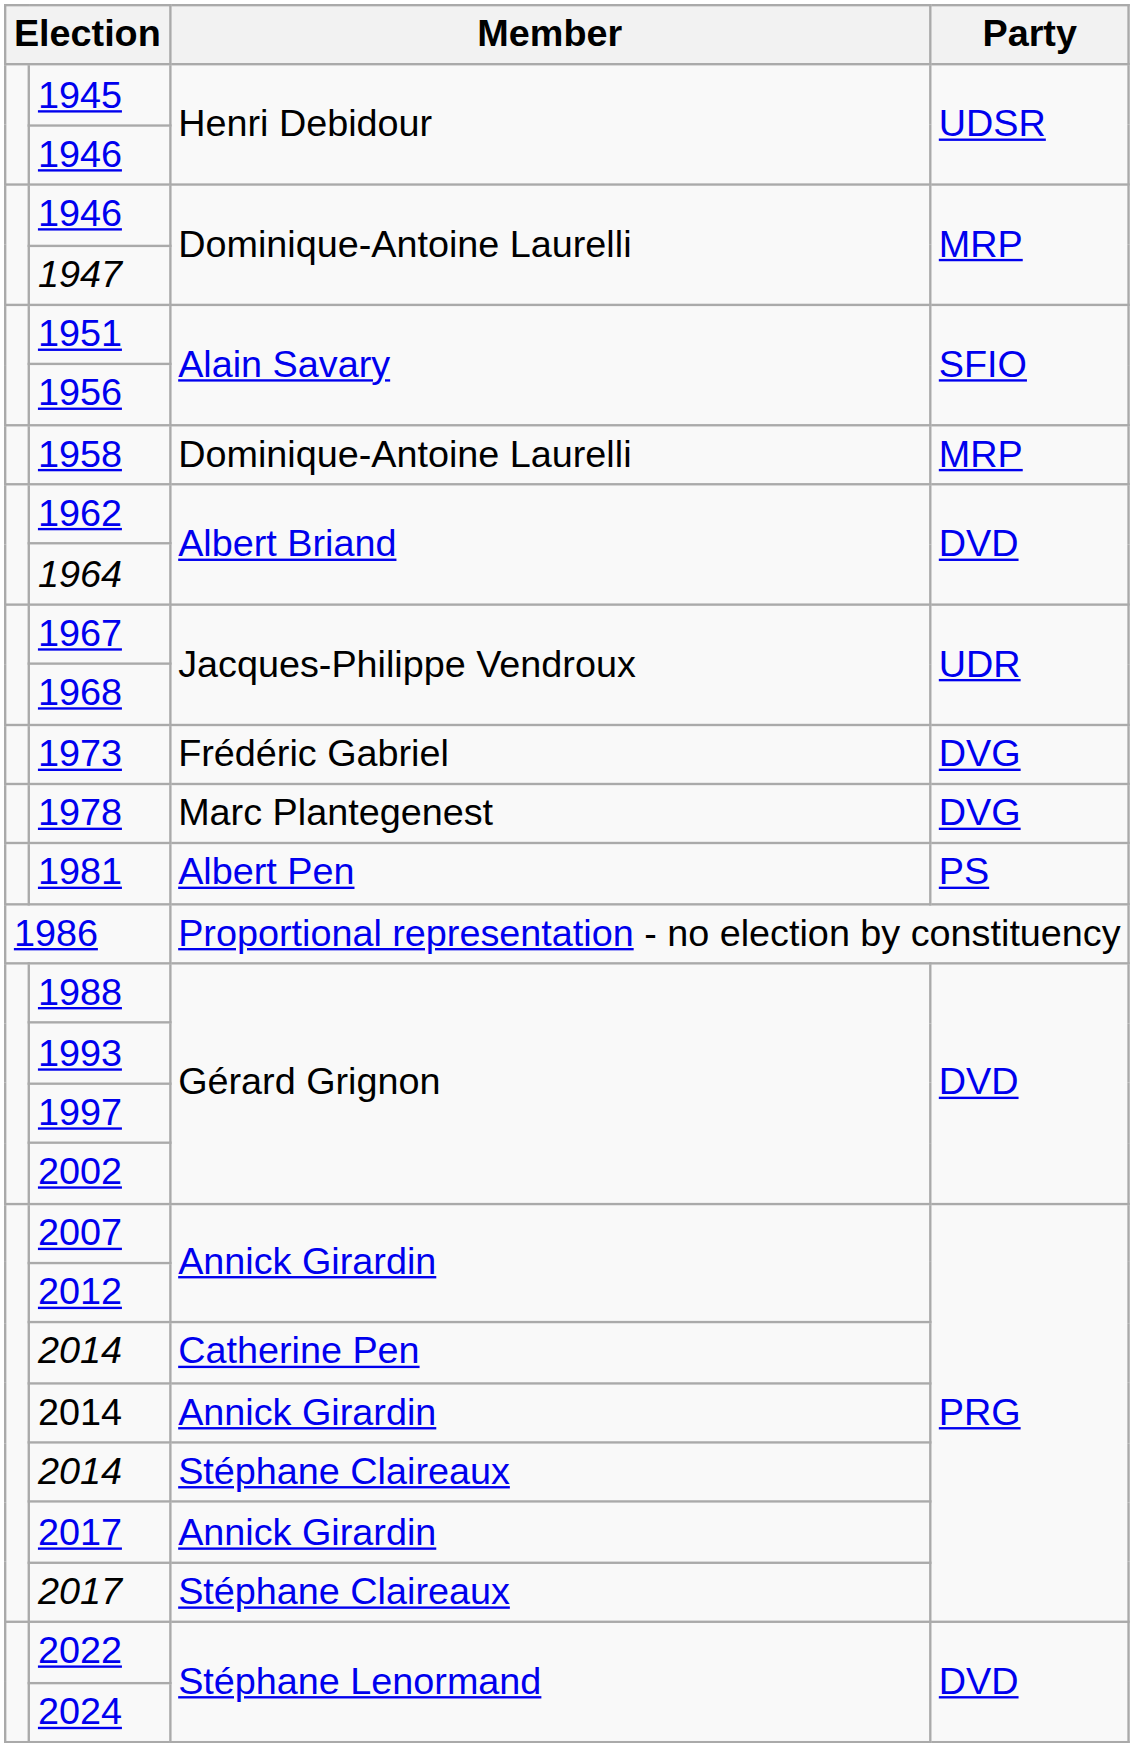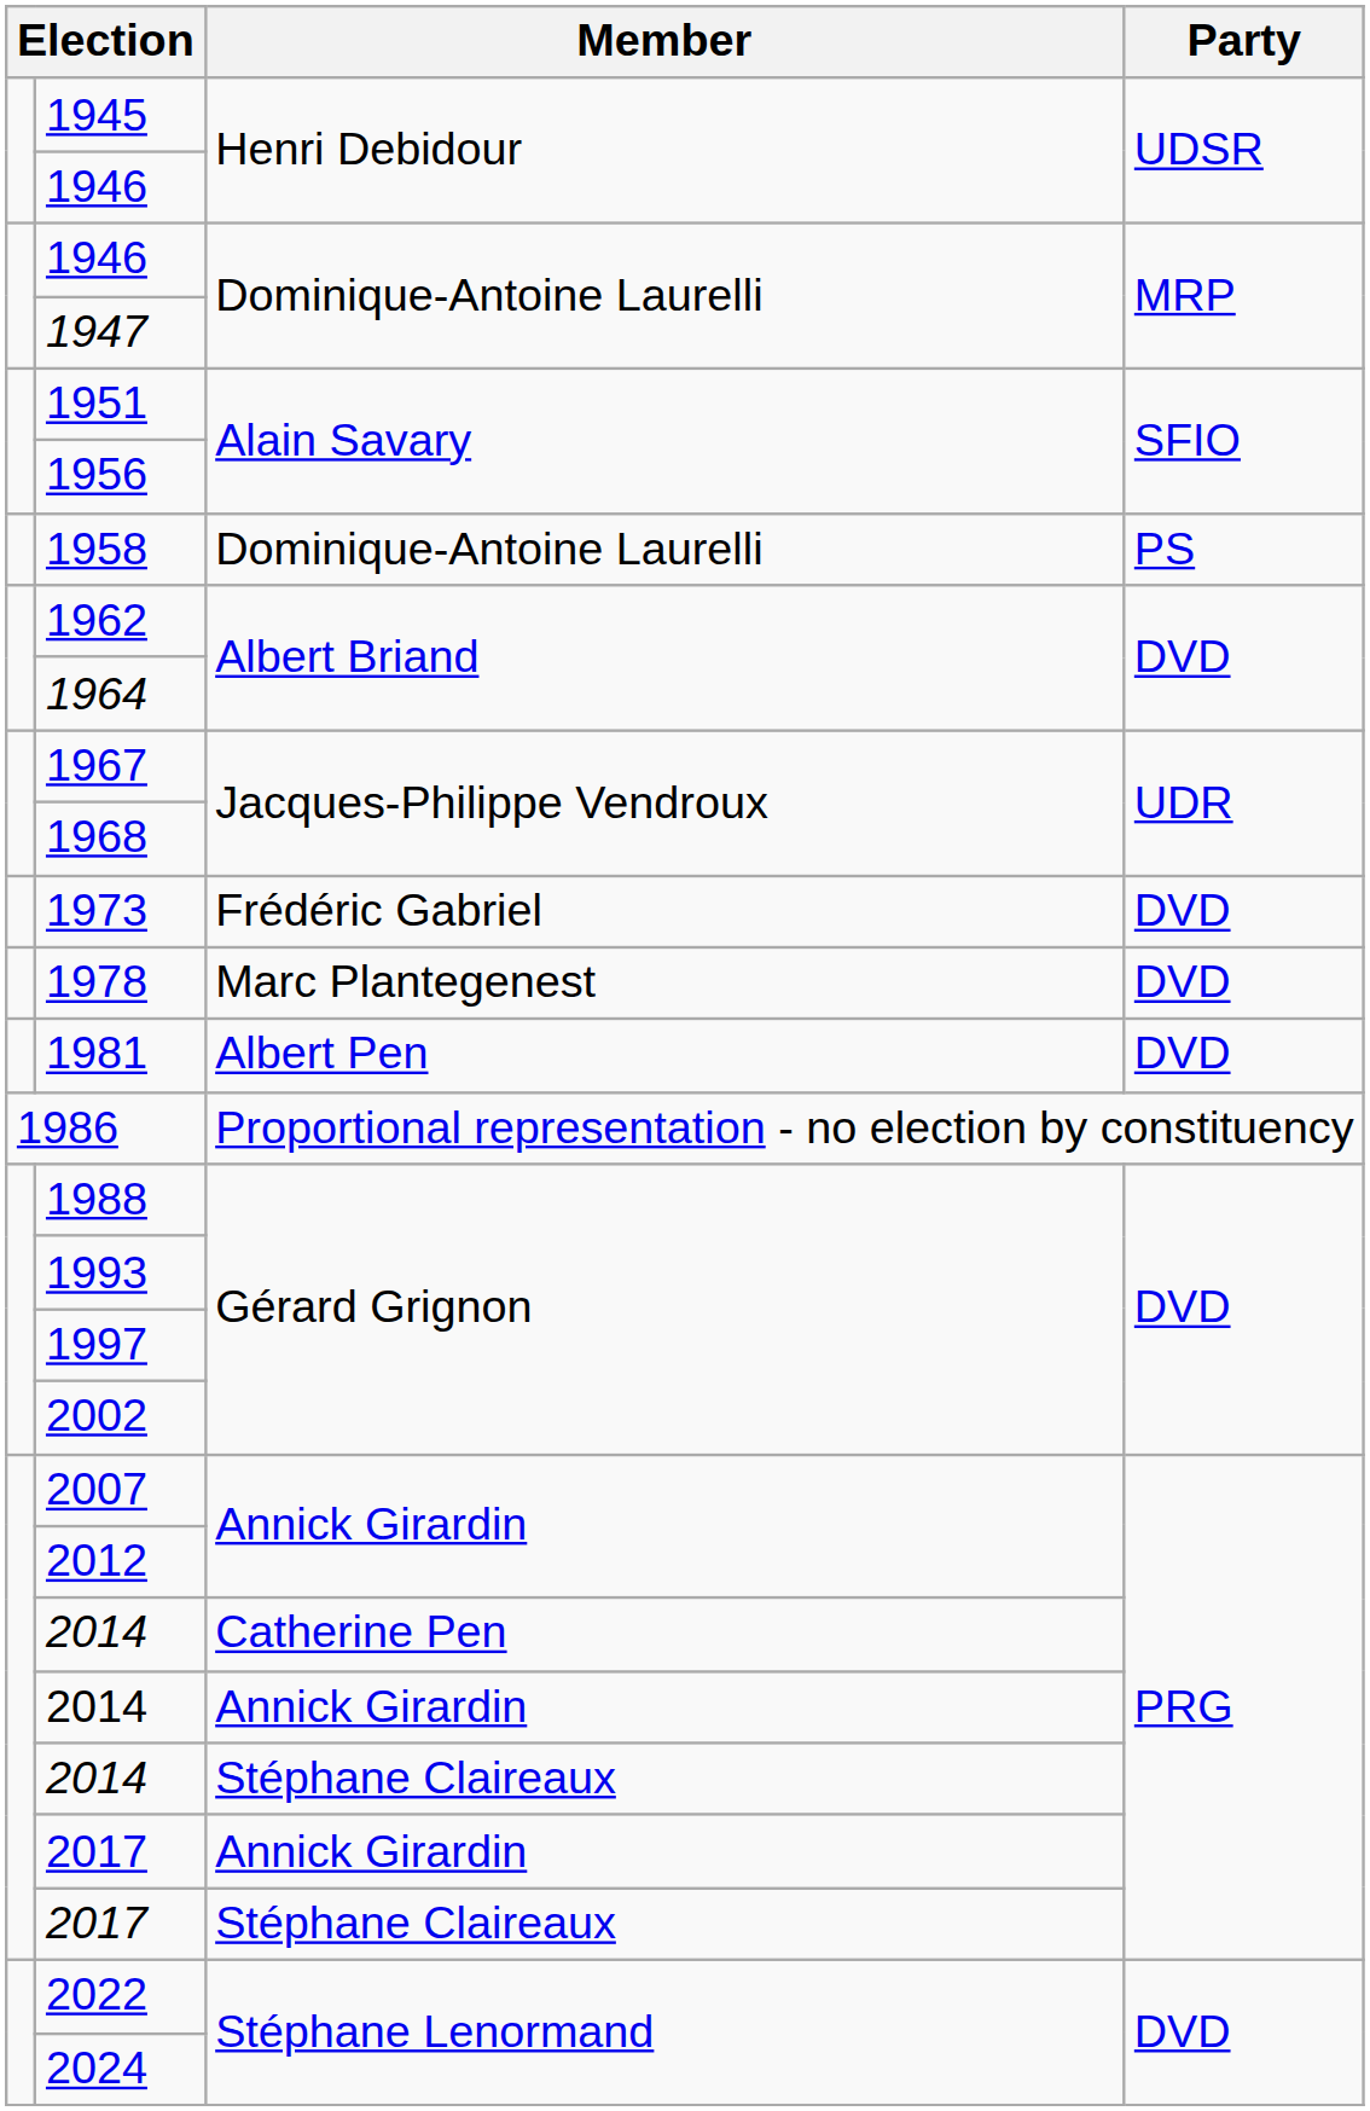 <table class="wikitable">
 <tr>
 <th colspan="2">Election</th>
 <th>Member</th>
 <th>Party</th>
 </tr>
 <tr>
 <td rowspan="2" style="background-color: "></td>
 <td><a href='#'>1945</a></td>
 <td rowspan="2">Henri Debidour</td>
 <td rowspan="2"><a href='#'>UDSR</a></td>
 </tr>
 <tr>
 <td><a href='#'>1946</a></td>
 </tr>
 <tr>
 <td rowspan="2" style="background-color: "></td>
 <td><a href='#'>1946</a></td>
 <td rowspan="2">Dominique-Antoine Laurelli</td>
 <td rowspan="2"><a href='#'>MRP</a></td>
 </tr>
 <tr>
 <td><em>1947</em></td>
 </tr>
 <tr>
 <td rowspan="2" style="background-color: "></td>
 <td><a href='#'>1951</a></td>
 <td rowspan="2"><a href='#'>Alain Savary</a></td>
 <td rowspan="2"><a href='#'>SFIO</a></td>
 </tr>
 <tr>
 <td><a href='#'>1956</a></td>
 </tr>
 <tr>
 <td style="background-color: "></td>
 <td><a href='#'>1958</a></td>
 <td>Dominique-Antoine Laurelli</td>
-<td><a href='#'>MRP</a></td>
+<td><a href='#'>PS</a></td>
 </tr>
 <tr>
 <td rowspan="2" style="background-color: "></td>
 <td><a href='#'>1962</a></td>
 <td rowspan="2"><a href='#'>Albert Briand</a></td>
 <td rowspan="2"><a href='#'>DVD</a></td>
 </tr>
 <tr>
 <td><em>1964</em></td>
 </tr>
 <tr>
 <td rowspan="2" style="background-color: "></td>
 <td><a href='#'>1967</a></td>
 <td rowspan="2">Jacques-Philippe Vendroux</td>
 <td rowspan="2"><a href='#'>UDR</a></td>
 </tr>
 <tr>
 <td><a href='#'>1968</a></td>
 </tr>
 <tr>
 <td style="background-color: "></td>
 <td><a href='#'>1973</a></td>
 <td>Frédéric Gabriel</td>
-<td><a href='#'>DVG</a></td>
+<td><a href='#'>DVD</a></td>
 </tr>
 <tr>
 <td style="background-color: "></td>
 <td><a href='#'>1978</a></td>
 <td>Marc Plantegenest</td>
-<td><a href='#'>DVG</a></td>
+<td><a href='#'>DVD</a></td>
 </tr>
 <tr>
 <td style="background-color: "></td>
 <td><a href='#'>1981</a></td>
 <td><a href='#'>Albert Pen</a></td>
-<td><a href='#'>PS</a></td>
+<td><a href='#'>DVD</a></td>
 </tr>
 <tr>
 <td colspan="2"><a href='#'>1986</a></td>
 <td colspan="2"><a href='#'>Proportional representation</a> - no election by constituency</td>
 </tr>
 <tr>
 <td rowspan="4" style="background-color: "></td>
 <td><a href='#'>1988</a></td>
 <td rowspan="4">Gérard Grignon</td>
 <td rowspan="4"><a href='#'>DVD</a></td>
 </tr>
 <tr>
 <td><a href='#'>1993</a></td>
 </tr>
 <tr>
 <td><a href='#'>1997</a></td>
 </tr>
 <tr>
 <td><a href='#'>2002</a></td>
 </tr>
 <tr>
 <td rowspan="7" style="background-color: "></td>
 <td><a href='#'>2007</a></td>
 <td rowspan="2"><a href='#'>Annick Girardin</a></td>
 <td rowspan="7"><a href='#'>PRG</a></td>
 </tr>
 <tr>
 <td><a href='#'>2012</a></td>
 </tr>
 <tr>
 <td><em>2014</em></td>
 <td><a href='#'>Catherine Pen</a></td>
 </tr>
 <tr>
 <td>2014</td>
 <td><a href='#'>Annick Girardin</a></td>
 </tr>
 <tr>
 <td><em>2014</em></td>
 <td><a href='#'>Stéphane Claireaux</a></td>
 </tr>
 <tr>
 <td><a href='#'>2017</a></td>
 <td><a href='#'>Annick Girardin</a></td>
 </tr>
 <tr>
 <td><em>2017</em></td>
 <td><a href='#'>Stéphane Claireaux</a></td>
 </tr>
 <tr>
 <td rowspan="2" style="background-color: "></td>
 <td><a href='#'>2022</a></td>
 <td rowspan="2"><a href='#'>Stéphane Lenormand</a></td>
 <td rowspan="2"><a href='#'>DVD</a></td>
 </tr>
 <tr>
 <td><a href='#'>2024</a></td>
 </tr>
 </table>
